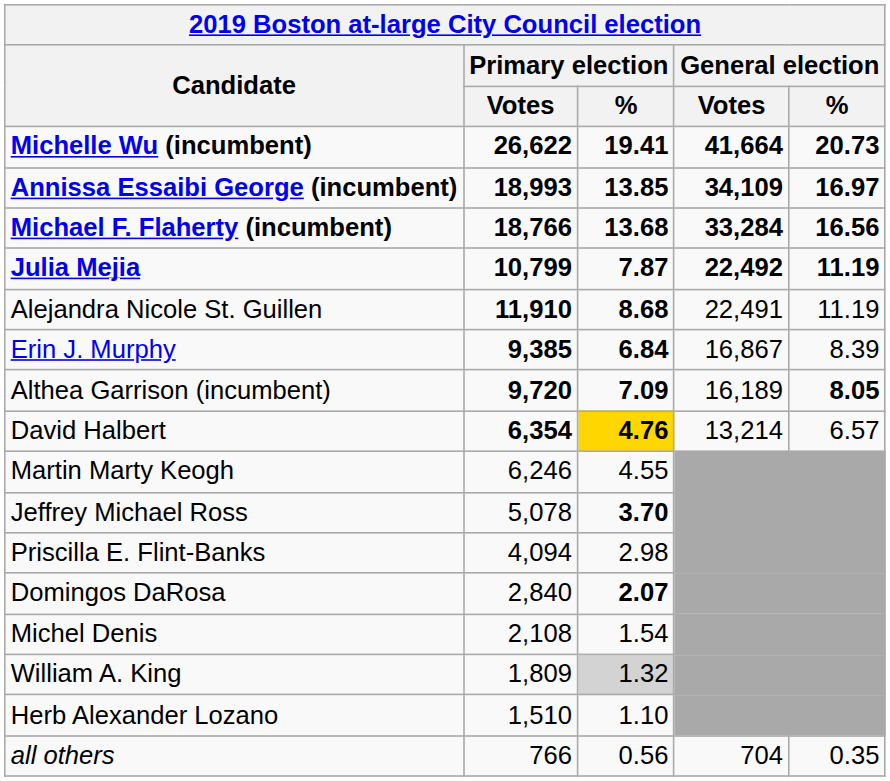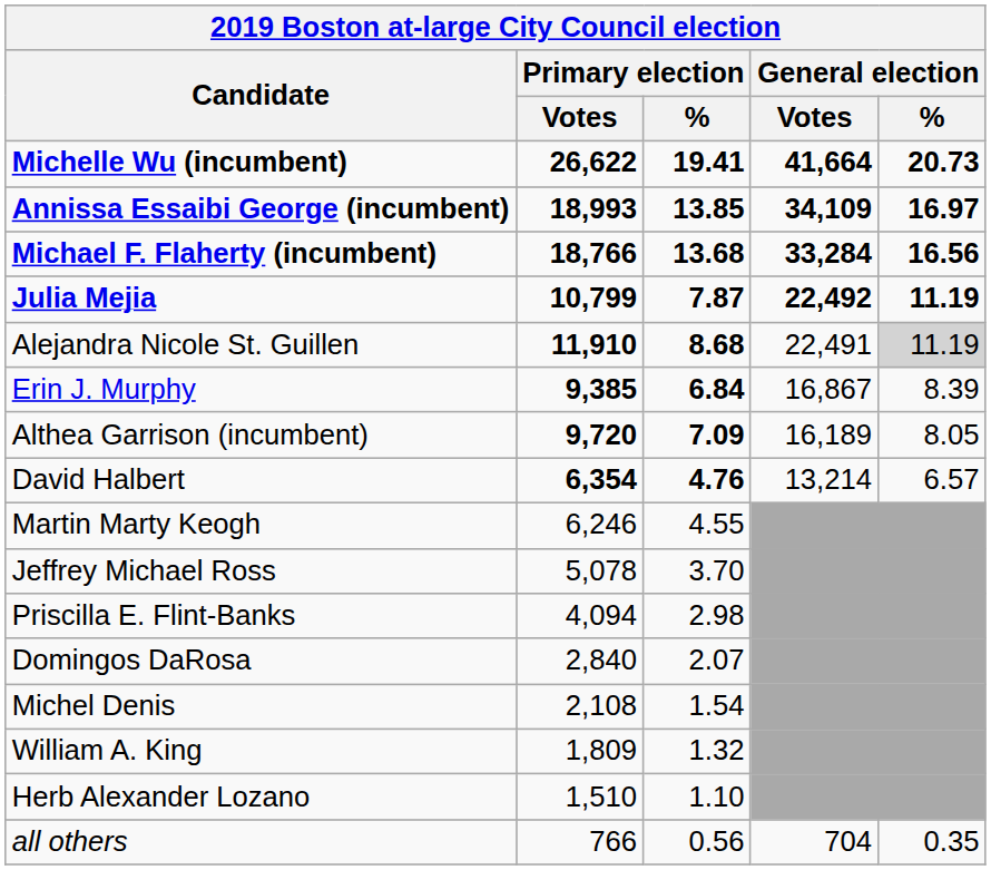 <table class=wikitable>
 <tr>
 <th colspan=5><a href='#'>2019 Boston at-large City Council election</a></th>
 </tr>
 <tr>
 <th rowspan="2">Candidate</th>
 <th colspan=2><strong>Primary election</strong></th>
 <th colspan=2><strong>General election</strong></th>
 </tr>
 <tr>
 <th>Votes</th>
 <th>%</th>
 <th>Votes</th>
 <th>%</th>
 </tr>
 <tr>
 <td><strong><a href='#'>Michelle Wu</a> (incumbent) </strong></td>
 <td style="text-align:right;"><strong>26,622</strong></td>
 <td style="text-align:right;"><strong>19.41</strong></td>
 <td style="text-align:right;"><strong>41,664</strong></td>
 <td style="text-align:right;"><strong>20.73</strong></td>
 </tr>
 <tr>
 <td><strong><a href='#'>Annissa Essaibi George</a> (incumbent)</strong></td>
 <td style="text-align:right;"><strong>18,993</strong></td>
 <td style="text-align:right;"><strong>13.85</strong></td>
 <td style="text-align:right;"><strong>34,109</strong></td>
 <td style="text-align:right;"><strong>16.97</strong></td>
 </tr>
 <tr>
 <td><strong><a href='#'>Michael F. Flaherty</a> (incumbent)</strong></td>
 <td style="text-align:right;"><strong>18,766</strong></td>
 <td style="text-align:right;"><strong>13.68</strong></td>
 <td style="text-align:right;"><strong>33,284</strong></td>
 <td style="text-align:right;"><strong>16.56</strong></td>
 </tr>
 <tr>
 <td><strong><a href='#'>Julia Mejia</a></strong></td>
 <td style="text-align:right;"><strong>10,799</strong></td>
 <td style="text-align:right;"><strong>7.87</strong></td>
 <td style="text-align:right;"><strong>22,492</strong></td>
 <td style="text-align:right;"><strong>11.19</strong></td>
 </tr>
 <tr>
 <td>Alejandra Nicole St. Guillen</td>
 <td style="text-align:right;"><strong>11,910</strong></td>
 <td style="text-align:right;"><strong>8.68</strong></td>
 <td style="text-align:right;">22,491</td>
-<td style="text-align:right;">11.19</td>
+<td style="background: lightgrey; text-align:right;">11.19</td>
 </tr>
 <tr>
 <td><a href='#'>Erin J. Murphy</a></td>
 <td style="text-align:right;"><strong>9,385</strong></td>
 <td style="text-align:right;"><strong>6.84</strong></td>
 <td style="text-align:right;">16,867</td>
 <td style="text-align:right;">8.39</td>
 </tr>
 <tr>
 <td>Althea Garrison (incumbent)</td>
 <td style="text-align:right;"><strong>9,720</strong></td>
 <td style="text-align:right;"><strong>7.09</strong></td>
 <td style="text-align:right;">16,189</td>
-<td style="text-align:right;"><strong>8.05</strong></td>
+<td style="text-align:right;">8.05</td>
 </tr>
 <tr>
 <td>David Halbert</td>
 <td style="text-align:right;"><strong>6,354</strong></td>
-<td style="background: gold; text-align:right;"><strong>4.76</strong></td>
+<td style="text-align:right;"><strong>4.76</strong></td>
 <td style="text-align:right;">13,214</td>
 <td style="text-align:right;">6.57</td>
 </tr>
 <tr>
 <td>Martin Marty Keogh</td>
 <td style="text-align:right;">6,246</td>
 <td style="text-align:right;">4.55</td>
 <td colspan="2" style="background:darkgrey;"> </td>
 </tr>
 <tr>
 <td>Jeffrey Michael Ross</td>
 <td style="text-align:right;">5,078</td>
-<td style="text-align:right;"><strong>3.70</strong></td>
+<td style="text-align:right;">3.70</td>
 <td colspan="2" style="background:darkgrey;"> </td>
 </tr>
 <tr>
 <td>Priscilla E. Flint-Banks</td>
 <td style="text-align:right;">4,094</td>
 <td style="text-align:right;">2.98</td>
 <td colspan="2" style="background:darkgrey;"> </td>
 </tr>
 <tr>
 <td>Domingos DaRosa</td>
 <td style="text-align:right;">2,840</td>
-<td style="text-align:right;"><strong>2.07</strong></td>
+<td style="text-align:right;">2.07</td>
 <td colspan="2" style="background:darkgrey;"> </td>
 </tr>
 <tr>
 <td>Michel Denis</td>
 <td style="text-align:right;">2,108</td>
 <td style="text-align:right;">1.54</td>
 <td colspan="2" style="background:darkgrey;"> </td>
 </tr>
 <tr>
 <td>William A. King</td>
 <td style="text-align:right;">1,809</td>
-<td style="background: lightgrey; text-align:right;">1.32</td>
+<td style="text-align:right;">1.32</td>
 <td colspan="2" style="background:darkgrey;"> </td>
 </tr>
 <tr>
 <td>Herb Alexander Lozano</td>
 <td style="text-align:right;">1,510</td>
 <td style="text-align:right;">1.10</td>
 <td colspan="2" style="background:darkgrey;"> </td>
 </tr>
 <tr>
 <td><em>all others</em></td>
 <td style="text-align:right;">766</td>
 <td style="text-align:right;">0.56</td>
 <td style="text-align:right;">704</td>
 <td style="text-align:right;">0.35</td>
 </tr>
 </table>
